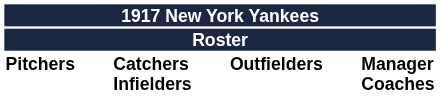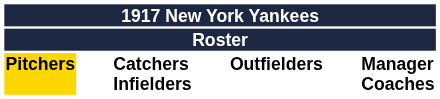 <table class="toccolours" style="font-size: 95%;">
 <tr>
 <th colspan="10" style="background-color: #1c2841; color: white; text-align: center;">1917 New York Yankees</th>
 </tr>
 <tr>
 <td colspan="10" style="background-color: #1c2841; color: white; text-align: center;"><strong>Roster</strong></td>
 </tr>
 <tr>
-<td valign="top"><strong>Pitchers</strong><br>              </td>
+<td valign="top" style="background: gold;"><strong>Pitchers</strong><br>              </td>
 <td width="25px"></td>
 <td valign="top"><strong>Catchers</strong><br>    <strong>Infielders</strong>        </td>
 <td width="25px"></td>
 <td valign="top"><strong>Outfielders</strong><br>         </td>
 <td width="25px"></td>
 <td valign="top"><strong>Manager</strong><br> <strong>Coaches</strong> </td>
 </tr>
 </table>
